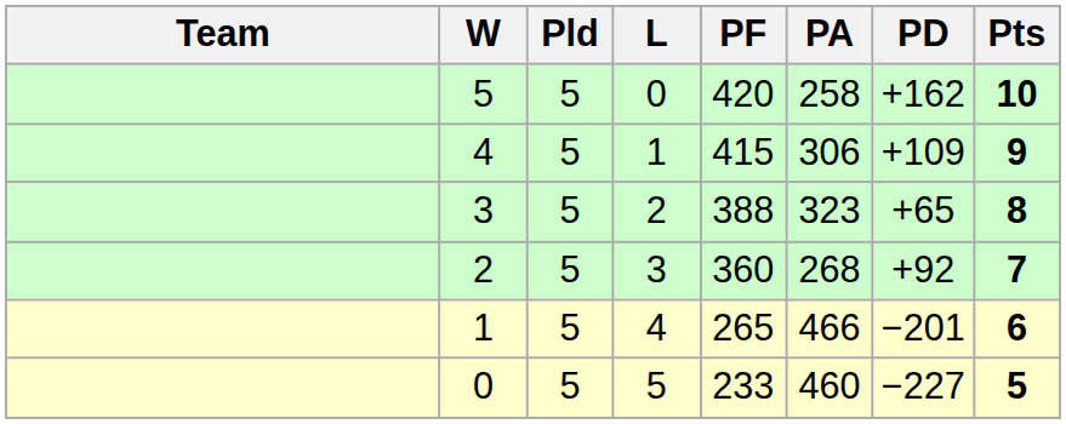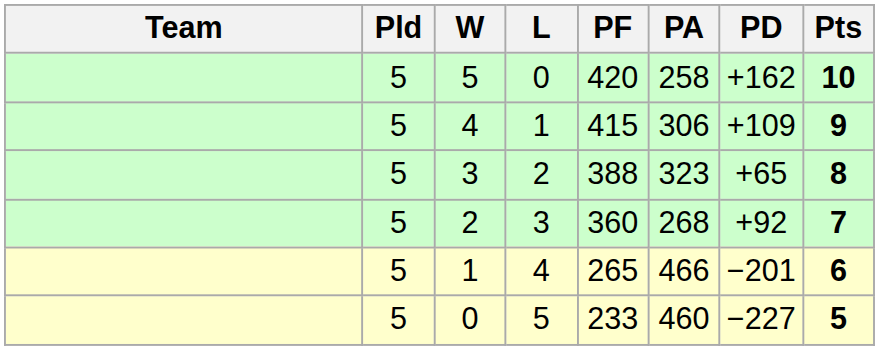 <table class=wikitable style="text-align:center">
 <tr>
 <th width=180>Team</th>
+<th width=30>Pld</th>
 <th width=30>W</th>
-<th width=30>Pld</th>
 <th width=30>L</th>
 <th width=30>PF</th>
 <th width=30>PA</th>
 <th width=30>PD</th>
 <th width=30>Pts</th>
 </tr>
 <tr align=center bgcolor="#ccffcc">
 <td align=left></td>
 <td>5</td>
 <td>5</td>
 <td>0</td>
 <td>420</td>
 <td>258</td>
 <td>+162</td>
 <td><strong>10</strong></td>
 </tr>
 <tr align=center bgcolor="#ccffcc">
 <td align=left></td>
+<td>5</td>
 <td>4</td>
-<td>5</td>
 <td>1</td>
 <td>415</td>
 <td>306</td>
 <td>+109</td>
 <td><strong>9</strong></td>
 </tr>
 <tr align=center bgcolor="#ccffcc">
 <td align=left></td>
+<td>5</td>
 <td>3</td>
-<td>5</td>
 <td>2</td>
 <td>388</td>
 <td>323</td>
 <td>+65</td>
 <td><strong>8</strong></td>
 </tr>
 <tr align=center bgcolor="#ccffcc">
 <td align=left></td>
+<td>5</td>
 <td>2</td>
-<td>5</td>
 <td>3</td>
 <td>360</td>
 <td>268</td>
 <td>+92</td>
 <td><strong>7</strong></td>
 </tr>
 <tr align=center bgcolor="#ffffcc">
 <td align=left></td>
+<td>5</td>
 <td>1</td>
-<td>5</td>
 <td>4</td>
 <td>265</td>
 <td>466</td>
 <td>−201</td>
 <td><strong>6</strong></td>
 </tr>
 <tr align=center bgcolor="#ffffcc">
 <td align=left></td>
+<td>5</td>
 <td>0</td>
-<td>5</td>
 <td>5</td>
 <td>233</td>
 <td>460</td>
 <td>−227</td>
 <td><strong>5</strong></td>
 </tr>
 </table>
